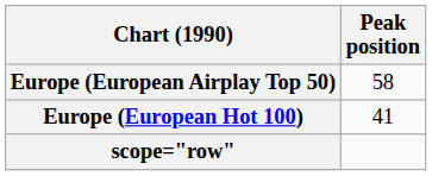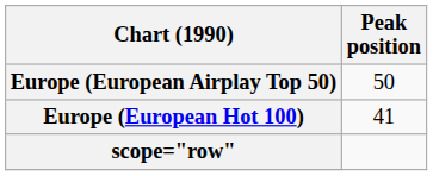 <table class="wikitable sortable plainrowheaders">
 <tr>
 <th>Chart (1990)</th>
 <th>Peak<br>position</th>
 </tr>
 <tr>
 <th scope="row">Europe (European Airplay Top 50)</th>
-<td align="center">58</td>
+<td align="center">50</td>
 </tr>
 <tr>
 <th scope="row">Europe (<a href='#'>European Hot 100</a>)</th>
 <td align="center">41</td>
 </tr>
 <tr>
 <th>scope="row"</th>
 </tr>
 <tr>
 </tr>
 </table>
